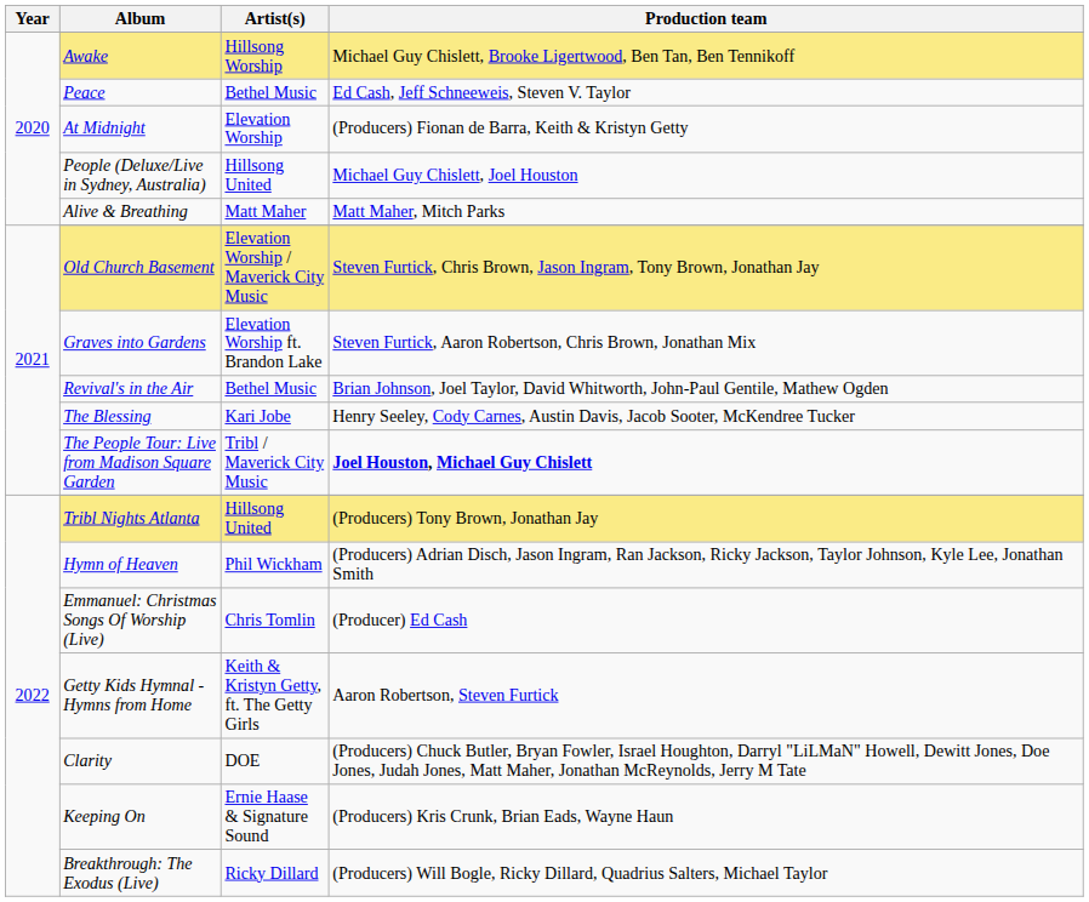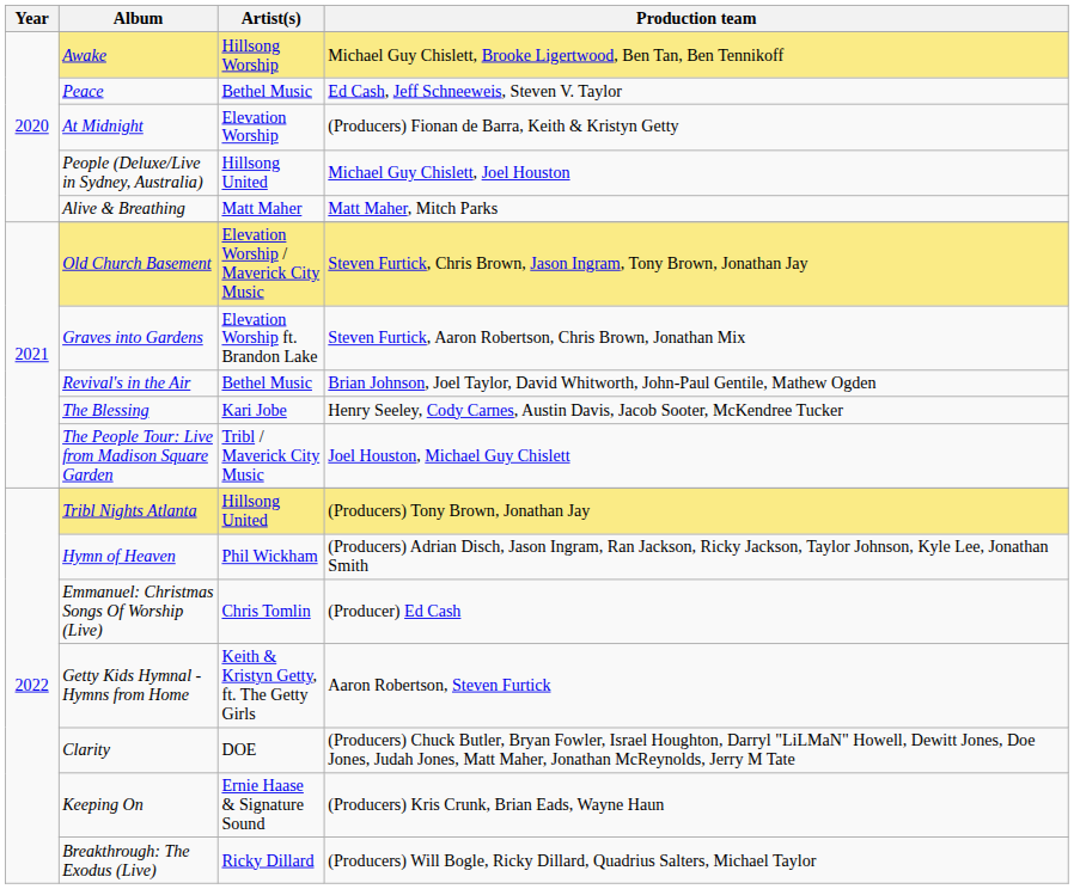 <table class="wikitable" style="width:80%">
 <tr bgcolor="#bebebe">
 <th width="5%">Year</th>
 <th width="15%">Album</th>
 <th width="10%">Artist(s)</th>
 <th width="70%">Production team</th>
 </tr>
 <tr>
 <td rowspan="6" style="text-align:center;"><a href='#'>2020</a></td>
 </tr>
 <tr style="background:#FAEB86;">
 <td><em><a href='#'>Awake</a></em></td>
 <td><a href='#'>Hillsong Worship</a></td>
 <td>Michael Guy Chislett, <a href='#'>Brooke Ligertwood</a>, Ben Tan, Ben Tennikoff</td>
 </tr>
 <tr>
 <td><em><a href='#'>Peace</a></em></td>
 <td><a href='#'>Bethel Music</a></td>
 <td><a href='#'>Ed Cash</a>, <a href='#'>Jeff Schneeweis</a>, Steven V. Taylor</td>
 </tr>
 <tr>
 <td><em><a href='#'>At Midnight</a></em></td>
 <td><a href='#'>Elevation Worship</a></td>
 <td>(Producers) Fionan de Barra, Keith & Kristyn Getty</td>
 </tr>
 <tr>
 <td><em>People (Deluxe/Live in Sydney, Australia)</em></td>
 <td><a href='#'>Hillsong United</a></td>
 <td><a href='#'>Michael Guy Chislett</a>, <a href='#'>Joel Houston</a></td>
 </tr>
 <tr>
 <td><em>Alive & Breathing</em></td>
 <td><a href='#'>Matt Maher</a></td>
 <td><a href='#'>Matt Maher</a>, Mitch Parks</td>
 </tr>
 <tr>
 <td rowspan="6" style="text-align:center;"><a href='#'>2021</a></td>
 </tr>
 <tr style="background:#FAEB86;">
 <td><em><a href='#'>Old Church Basement</a></em></td>
 <td><a href='#'>Elevation Worship</a> / <a href='#'>Maverick City Music</a></td>
 <td><a href='#'>Steven Furtick</a>, Chris Brown, <a href='#'>Jason Ingram</a>, Tony Brown, Jonathan Jay</td>
 </tr>
 <tr>
 <td><em><a href='#'>Graves into Gardens</a></em></td>
 <td><a href='#'>Elevation Worship</a> ft. Brandon Lake</td>
 <td><a href='#'>Steven Furtick</a>, Aaron Robertson, Chris Brown, Jonathan Mix</td>
 </tr>
 <tr>
 <td><em><a href='#'>Revival's in the Air</a></em></td>
 <td><a href='#'>Bethel Music</a></td>
 <td><a href='#'>Brian Johnson</a>, Joel Taylor, David Whitworth, John-Paul Gentile, Mathew Ogden</td>
 </tr>
 <tr>
 <td><em><a href='#'>The Blessing</a></em></td>
 <td><a href='#'>Kari Jobe</a></td>
 <td>Henry Seeley, <a href='#'>Cody Carnes</a>, Austin Davis, Jacob Sooter, McKendree Tucker</td>
 </tr>
 <tr>
 <td><em><a href='#'>The People Tour: Live from Madison Square Garden</a></em></td>
 <td><a href='#'>Tribl</a> / <a href='#'>Maverick City Music</a></td>
-<td><strong><a href='#'>Joel Houston</a>, <a href='#'>Michael Guy Chislett</a></strong></td>
+<td><a href='#'>Joel Houston</a>, <a href='#'>Michael Guy Chislett</a></td>
 </tr>
 <tr>
 <td rowspan="8" style="text-align:center;"><a href='#'>2022</a></td>
 </tr>
 <tr style="background:#FAEB86;">
 <td><em><a href='#'>Tribl Nights Atlanta</a></em></td>
 <td><a href='#'>Hillsong United</a></td>
 <td>(Producers) Tony Brown, Jonathan Jay</td>
 </tr>
 <tr>
 <td><em><a href='#'>Hymn of Heaven</a></em></td>
 <td><a href='#'>Phil Wickham</a></td>
 <td>(Producers) Adrian Disch, Jason Ingram, Ran Jackson, Ricky Jackson, Taylor Johnson, Kyle Lee, Jonathan Smith</td>
 </tr>
 <tr>
 <td><em>Emmanuel: Christmas Songs Of Worship (Live)</em></td>
 <td><a href='#'>Chris Tomlin</a></td>
 <td>(Producer) <a href='#'>Ed Cash</a></td>
 </tr>
 <tr>
 <td><em>Getty Kids Hymnal - Hymns from Home</em></td>
 <td><a href='#'>Keith & Kristyn Getty</a>, ft. The Getty Girls</td>
 <td>Aaron Robertson, <a href='#'>Steven Furtick</a></td>
 </tr>
 <tr>
 <td><em>Clarity</em></td>
 <td>DOE</td>
 <td>(Producers) Chuck Butler, Bryan Fowler, Israel Houghton, Darryl "LiLMaN" Howell, Dewitt Jones, Doe Jones, Judah Jones, Matt Maher, Jonathan McReynolds, Jerry M Tate</td>
 </tr>
 <tr>
 <td><em>Keeping On</em></td>
 <td><a href='#'>Ernie Haase</a> & Signature Sound</td>
 <td>(Producers) Kris Crunk, Brian Eads, Wayne Haun</td>
 </tr>
 <tr>
 <td><em>Breakthrough: The Exodus (Live)</em></td>
 <td><a href='#'>Ricky Dillard</a></td>
 <td>(Producers) Will Bogle, Ricky Dillard, Quadrius Salters, Michael Taylor</td>
 </tr>
 </table>
